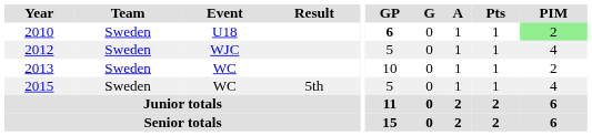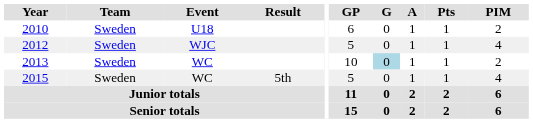 <table border="0" cellpadding="1" cellspacing="0" ID="Table3" style="text-align:center; width:40em">
 <tr ALIGN="center" bgcolor="#e0e0e0">
 <th>Year</th>
 <th>Team</th>
 <th>Event</th>
 <th>Result</th>
 <th rowspan="99" bgcolor="#ffffff"></th>
 <th>GP</th>
 <th>G</th>
 <th>A</th>
 <th>Pts</th>
 <th>PIM</th>
 </tr>
 <tr ALIGN="center">
 <td><a href='#'>2010</a></td>
 <td><a href='#'>Sweden</a></td>
 <td><a href='#'>U18</a></td>
 <td></td>
-<td><strong>6</strong></td>
+<td>6</td>
 <td>0</td>
 <td>1</td>
 <td>1</td>
-<td style="background: lightgreen;">2</td>
+<td>2</td>
 </tr>
 <tr bgcolor="#f0f0f0">
 <td><a href='#'>2012</a></td>
 <td><a href='#'>Sweden</a></td>
 <td><a href='#'>WJC</a></td>
 <td></td>
 <td>5</td>
 <td>0</td>
 <td>1</td>
 <td>1</td>
 <td>4</td>
 </tr>
 <tr>
 <td><a href='#'>2013</a></td>
 <td><a href='#'>Sweden</a></td>
 <td><a href='#'>WC</a></td>
 <td></td>
 <td>10</td>
-<td>0</td>
+<td style="background: lightblue;">0</td>
 <td>1</td>
 <td>1</td>
 <td>2</td>
 </tr>
 <tr bgcolor="#f0f0f0">
 <td><a href='#'>2015</a></td>
 <td>Sweden</td>
 <td>WC</td>
 <td>5th</td>
 <td>5</td>
 <td>0</td>
 <td>1</td>
 <td>1</td>
 <td>4</td>
 </tr>
 <tr ALIGN="center" bgcolor="#e0e0e0">
 <th colspan=4>Junior totals</th>
 <th>11</th>
 <th>0</th>
 <th>2</th>
 <th>2</th>
 <th>6</th>
 </tr>
 <tr ALIGN="center" bgcolor="#e0e0e0">
 <th colspan=4>Senior totals</th>
 <th>15</th>
 <th>0</th>
 <th>2</th>
 <th>2</th>
 <th>6</th>
 </tr>
 </table>
